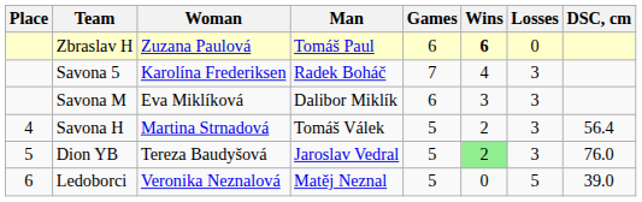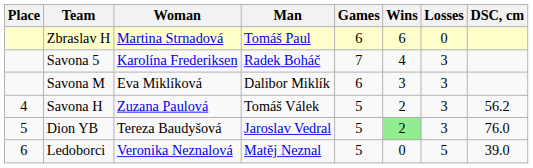 <table class="wikitable" style="text-align:center;">
 <tr>
 <th>Place</th>
 <th>Team</th>
 <th>Woman</th>
 <th>Man</th>
 <th>Games</th>
 <th>Wins</th>
 <th>Losses</th>
 <th>DSC, cm</th>
 </tr>
 <tr style="background:#ffc;">
 <td></td>
 <td align=left>Zbraslav H</td>
-<td align=left><a href='#'>Zuzana Paulová</a></td>
+<td align=left><a href='#'>Martina Strnadová</a></td>
 <td align=left><a href='#'>Tomáš Paul</a></td>
 <td>6</td>
-<td><strong>6</strong></td>
+<td>6</td>
 <td>0</td>
 <td></td>
 </tr>
 <tr>
 <td></td>
 <td align=left>Savona 5</td>
 <td align=left><a href='#'>Karolína Frederiksen</a></td>
 <td align=left><a href='#'>Radek Boháč</a></td>
 <td>7</td>
 <td>4</td>
 <td>3</td>
 <td></td>
 </tr>
 <tr>
 <td></td>
 <td align=left>Savona M</td>
 <td align=left>Eva Miklíková</td>
 <td align=left>Dalibor Miklík</td>
 <td>6</td>
 <td>3</td>
 <td>3</td>
 <td></td>
 </tr>
 <tr>
 <td>4</td>
 <td align=left>Savona H</td>
-<td align=left><a href='#'>Martina Strnadová</a></td>
+<td align=left><a href='#'>Zuzana Paulová</a></td>
 <td align=left>Tomáš Válek</td>
 <td>5</td>
 <td>2</td>
 <td>3</td>
-<td>56.4</td>
+<td>56.2</td>
 </tr>
 <tr>
 <td>5</td>
 <td align=left>Dion YB</td>
 <td align=left>Tereza Baudyšová</td>
 <td align=left><a href='#'>Jaroslav Vedral</a></td>
 <td>5</td>
 <td style="background: lightgreen;">2</td>
 <td>3</td>
 <td>76.0</td>
 </tr>
 <tr>
 <td>6</td>
 <td align=left>Ledoborci</td>
 <td align=left><a href='#'>Veronika Neznalová</a></td>
 <td align=left><a href='#'>Matěj Neznal</a></td>
 <td>5</td>
 <td>0</td>
 <td>5</td>
 <td>39.0</td>
 </tr>
 </table>
